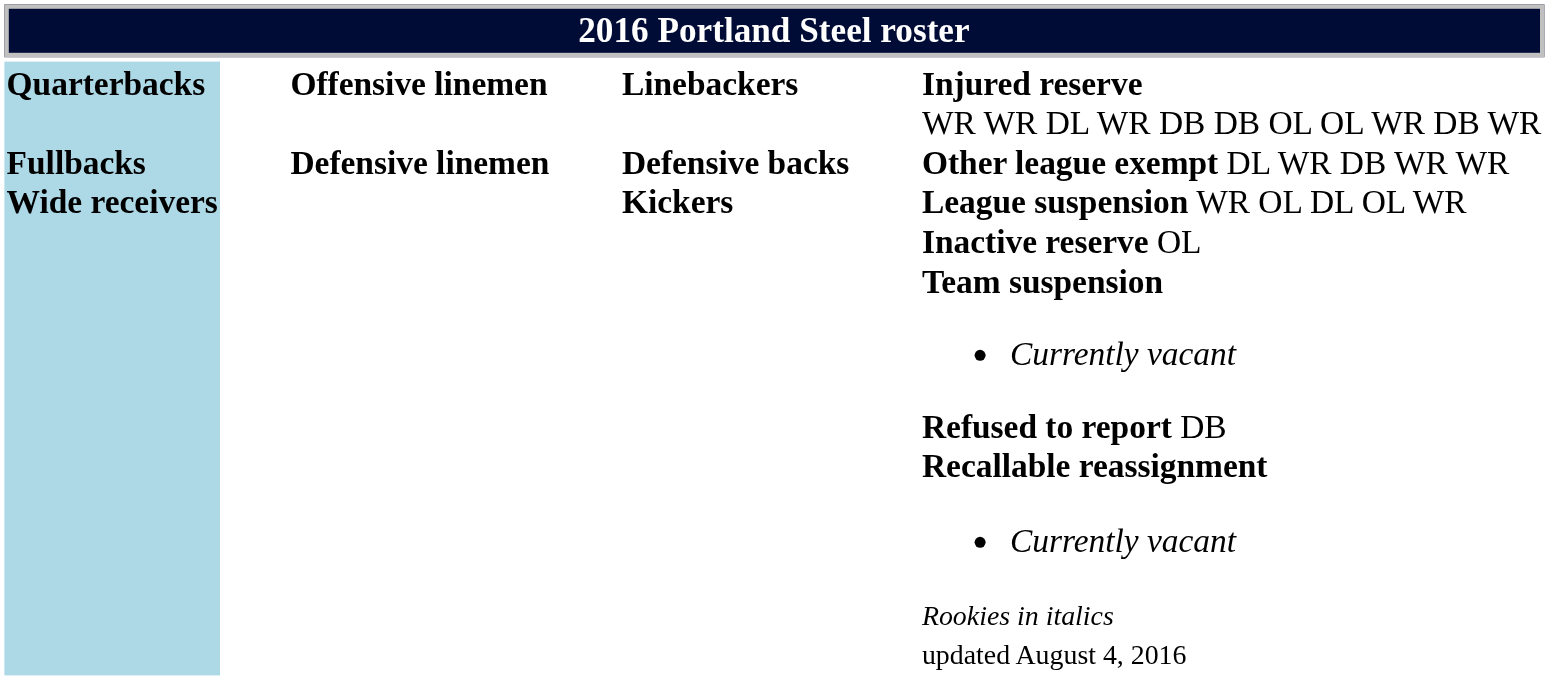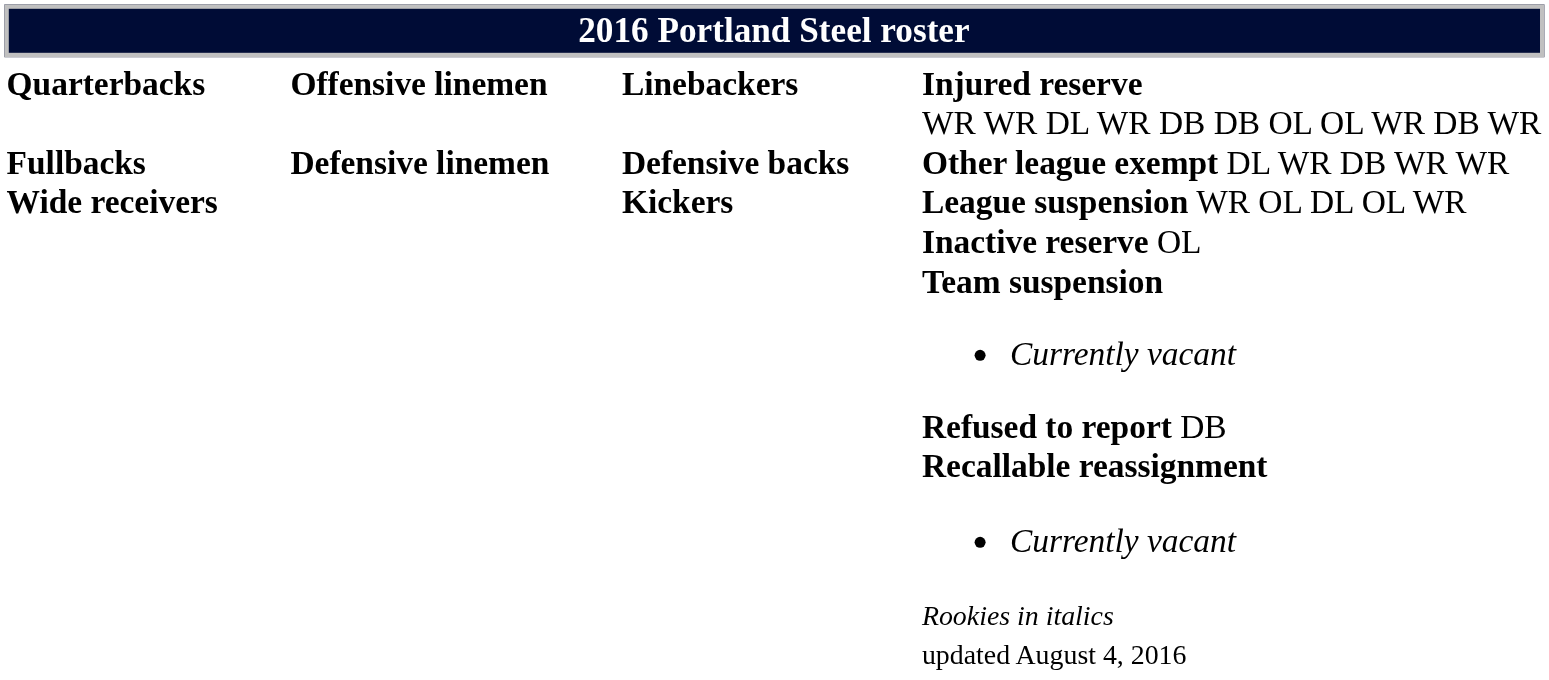 <table class="toccolours" style="text-align: left;">
 <tr>
 <th colspan=7 style="background:#000C36; border: 2px solid #C0C0C0; color:#ffffff; text-align:center;"><strong>2016 Portland Steel roster</strong></th>
 </tr>
 <tr>
-<td style="background: lightblue; font-size: 95%;vertical-align:top;"><strong>Quarterbacks</strong><br> <br><strong>Fullbacks</strong> <br><strong>Wide receivers</strong>     </td>
+<td style="font-size: 95%;vertical-align:top;"><strong>Quarterbacks</strong><br> <br><strong>Fullbacks</strong> <br><strong>Wide receivers</strong>     </td>
 <td style="width: 25px;"></td>
 <td style="font-size: 95%;vertical-align:top;"><strong>Offensive linemen</strong><br>  <br><strong>Defensive linemen</strong>     </td>
 <td style="width: 25px;"></td>
 <td style="font-size: 95%;vertical-align:top;"><strong>Linebackers</strong><br><br><strong>Defensive backs</strong>      <br><strong>Kickers</strong> </td>
 <td style="width: 25px;"></td>
 <td style="font-size: 95%;vertical-align:top;"><strong>Injured reserve</strong><br> WR  WR  DL  WR  DB  DB  OL  OL  WR  DB  WR<br><strong>Other league exempt</strong>  DL  WR  DB  WR  WR<br><strong>League suspension</strong>  WR  OL  DL  OL  WR<br><strong>Inactive reserve</strong>  OL<br><strong>Team suspension</strong><ul><li><em>Currently vacant</em></li></ul><strong>Refused to report</strong>  DB<br><strong>Recallable reassignment</strong><ul><li><em>Currently vacant</em></li></ul><small><em>Rookies in italics</em><br><span></span> updated August 4, 2016</small><br> </td>
 </tr>
 <tr>
 </tr>
 </table>
